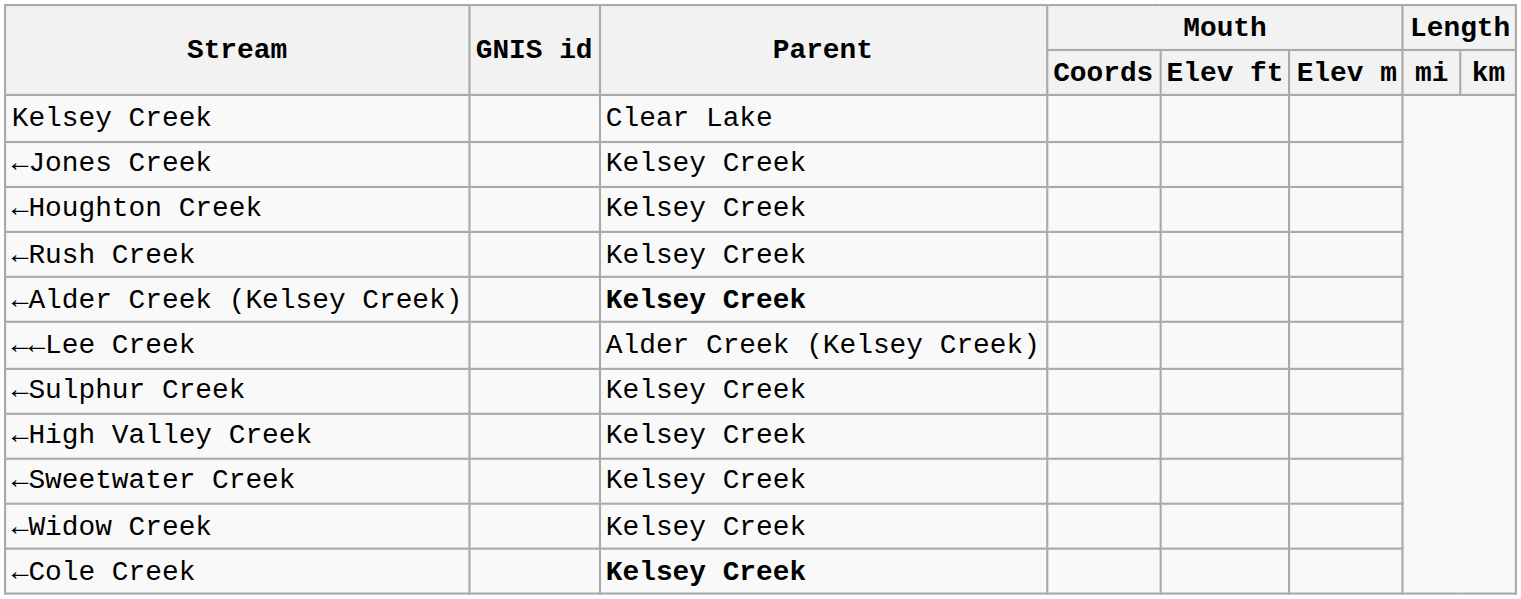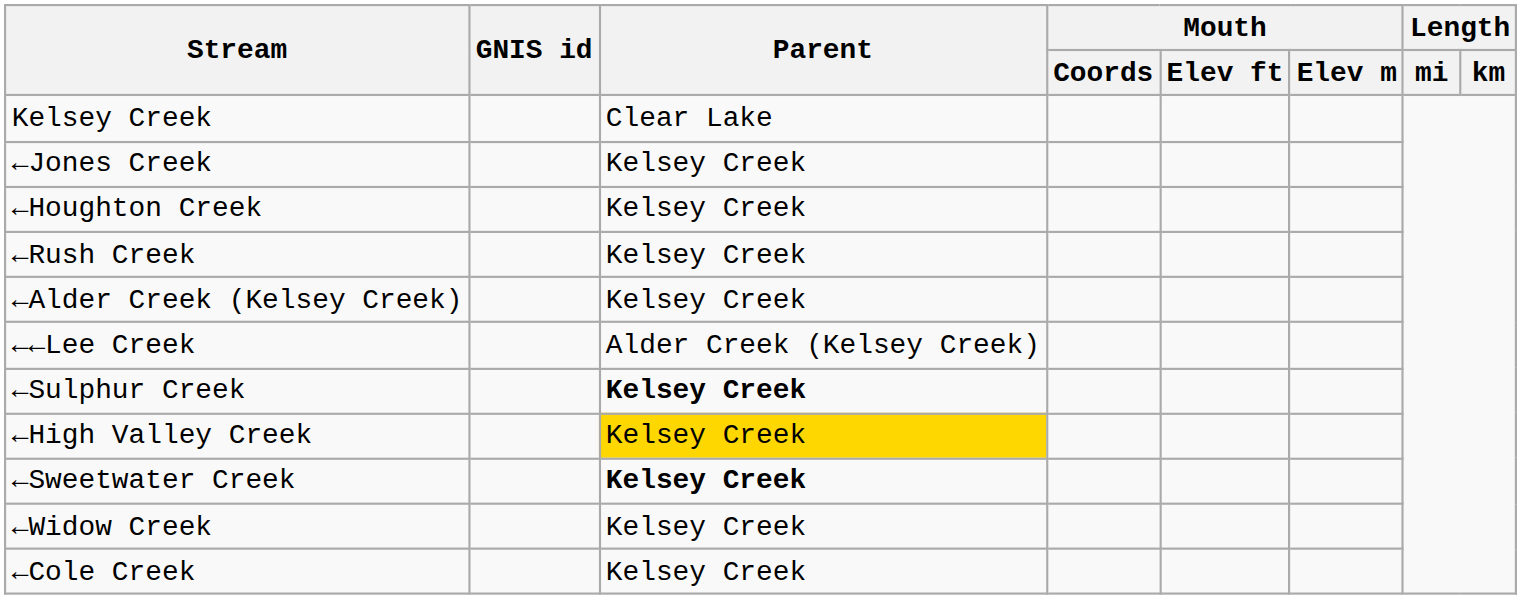 <table class="wikitable sortable">
 <tr>
 <th rowspan=2>Stream</th>
 <th rowspan=2>GNIS id</th>
 <th rowspan=2>Parent</th>
 <th colspan=3>Mouth</th>
 <th colspan=2>Length</th>
 </tr>
 <tr>
 <th>Coords</th>
 <th>Elev ft</th>
 <th>Elev m</th>
 <th>mi</th>
 <th>km</th>
 </tr>
 <tr>
 <td> Kelsey Creek</td>
 <td></td>
 <td>Clear Lake</td>
 <td></td>
 <td></td>
 <td></td>
 </tr>
 <tr>
 <td> ←Jones Creek</td>
 <td></td>
 <td>Kelsey Creek</td>
 <td></td>
 <td></td>
 <td></td>
 </tr>
 <tr>
 <td> ←Houghton Creek</td>
 <td></td>
 <td>Kelsey Creek</td>
 <td></td>
 <td></td>
 <td></td>
 </tr>
 <tr>
 <td> ←Rush Creek</td>
 <td></td>
 <td>Kelsey Creek</td>
 <td></td>
 <td></td>
 <td></td>
 </tr>
 <tr>
 <td> ←Alder Creek (Kelsey Creek)</td>
 <td></td>
-<td><strong>Kelsey Creek</strong></td>
+<td>Kelsey Creek</td>
 <td></td>
 <td></td>
 <td></td>
 </tr>
 <tr>
 <td> ←←Lee Creek</td>
 <td></td>
 <td>Alder Creek (Kelsey Creek)</td>
 <td></td>
 <td></td>
 <td></td>
 </tr>
 <tr>
 <td> ←Sulphur Creek</td>
 <td></td>
-<td>Kelsey Creek</td>
+<td><strong>Kelsey Creek</strong></td>
 <td></td>
 <td></td>
 <td></td>
 </tr>
 <tr>
 <td> ←High Valley Creek</td>
 <td></td>
-<td>Kelsey Creek</td>
+<td style="background: gold;">Kelsey Creek</td>
 <td></td>
 <td></td>
 <td></td>
 </tr>
 <tr>
 <td> ←Sweetwater Creek</td>
 <td></td>
-<td>Kelsey Creek</td>
+<td><strong>Kelsey Creek</strong></td>
 <td></td>
 <td></td>
 <td></td>
 </tr>
 <tr>
 <td> ←Widow Creek</td>
 <td></td>
 <td>Kelsey Creek</td>
 <td></td>
 <td></td>
 <td></td>
 </tr>
 <tr>
 <td> ←Cole Creek</td>
 <td></td>
-<td><strong>Kelsey Creek</strong></td>
+<td>Kelsey Creek</td>
 <td></td>
 <td></td>
 <td></td>
 </tr>
 </table>
